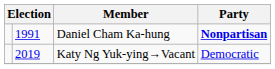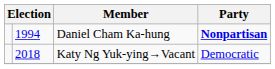 <table class="wikitable">
 <tr>
 <th colspan="2">Election</th>
 <th>Member</th>
 <th>Party</th>
 </tr>
 <tr>
 <td style="color:inherit;background:"></td>
-<td><a href='#'>1991</a></td>
+<td><a href='#'>1994</a></td>
 <td>Daniel Cham Ka-hung</td>
 <td><strong><a href='#'>Nonpartisan</a></strong></td>
 </tr>
 <tr>
 <td style="color:inherit;background:"></td>
-<td><a href='#'>2019</a></td>
+<td><a href='#'>2018</a></td>
 <td>Katy Ng Yuk-ying→Vacant</td>
 <td><a href='#'>Democratic</a></td>
 </tr>
 <tr>
 </tr>
 </table>
